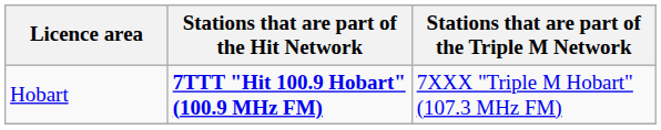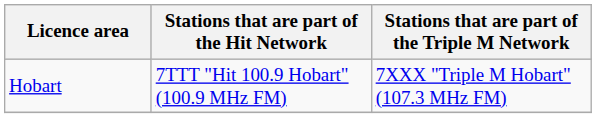 <table class="wikitable sortable" style="font-size:89%; width:50%">
 <tr bgcolor=lightgrey>
 <th width="20%">Licence area</th>
 <th width="30%">Stations that are part of<br>the Hit Network</th>
 <th width="30%">Stations that are part of<br>the Triple M Network</th>
 </tr>
 <tr>
 <td><a href='#'>Hobart</a></td>
-<td><strong><a href='#'>7TTT "Hit 100.9 Hobart" (100.9 MHz FM)</a></strong></td>
+<td><a href='#'>7TTT "Hit 100.9 Hobart" (100.9 MHz FM)</a></td>
 <td><a href='#'>7XXX "Triple M Hobart" (107.3 MHz FM)</a></td>
 </tr>
 <tr>
 </tr>
 </table>
